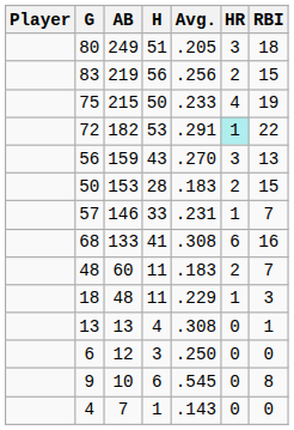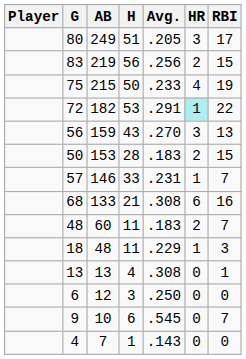 <table class="wikitable sortable">
 <tr>
 <th>Player</th>
 <th>G</th>
 <th>AB</th>
 <th>H</th>
 <th>Avg.</th>
 <th>HR</th>
 <th>RBI</th>
 </tr>
 <tr align="center">
 <td></td>
 <td>80</td>
 <td>249</td>
 <td>51</td>
 <td>.205</td>
 <td>3</td>
-<td>18</td>
+<td>17</td>
 </tr>
 <tr align="center">
 <td></td>
 <td>83</td>
 <td>219</td>
 <td>56</td>
 <td>.256</td>
 <td>2</td>
 <td>15</td>
 </tr>
 <tr align="center">
 <td></td>
 <td>75</td>
 <td>215</td>
 <td>50</td>
 <td>.233</td>
 <td>4</td>
 <td>19</td>
 </tr>
 <tr align="center">
 <td></td>
 <td>72</td>
 <td>182</td>
 <td>53</td>
 <td>.291</td>
 <td style="background: paleturquoise;">1</td>
 <td>22</td>
 </tr>
 <tr align="center">
 <td></td>
 <td>56</td>
 <td>159</td>
 <td>43</td>
 <td>.270</td>
 <td>3</td>
 <td>13</td>
 </tr>
 <tr align="center">
 <td></td>
 <td>50</td>
 <td>153</td>
 <td>28</td>
 <td>.183</td>
 <td>2</td>
 <td>15</td>
 </tr>
 <tr align="center">
 <td></td>
 <td>57</td>
 <td>146</td>
 <td>33</td>
 <td>.231</td>
 <td>1</td>
 <td>7</td>
 </tr>
 <tr align="center">
 <td></td>
 <td>68</td>
 <td>133</td>
-<td>41</td>
+<td>21</td>
 <td>.308</td>
 <td>6</td>
 <td>16</td>
 </tr>
 <tr align="center">
 <td></td>
 <td>48</td>
 <td>60</td>
 <td>11</td>
 <td>.183</td>
 <td>2</td>
 <td>7</td>
 </tr>
 <tr align="center">
 <td></td>
 <td>18</td>
 <td>48</td>
 <td>11</td>
 <td>.229</td>
 <td>1</td>
 <td>3</td>
 </tr>
 <tr align="center">
 <td></td>
 <td>13</td>
 <td>13</td>
 <td>4</td>
 <td>.308</td>
 <td>0</td>
 <td>1</td>
 </tr>
 <tr align="center">
 <td></td>
 <td>6</td>
 <td>12</td>
 <td>3</td>
 <td>.250</td>
 <td>0</td>
 <td>0</td>
 </tr>
 <tr align="center">
 <td></td>
 <td>9</td>
 <td>10</td>
 <td>6</td>
 <td>.545</td>
 <td>0</td>
-<td>8</td>
+<td>7</td>
 </tr>
 <tr align="center">
 <td></td>
 <td>4</td>
 <td>7</td>
 <td>1</td>
 <td>.143</td>
 <td>0</td>
 <td>0</td>
 </tr>
 </table>
